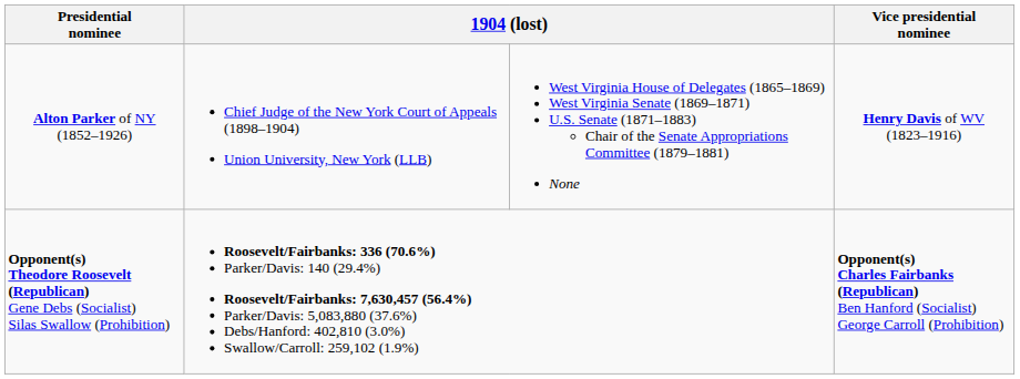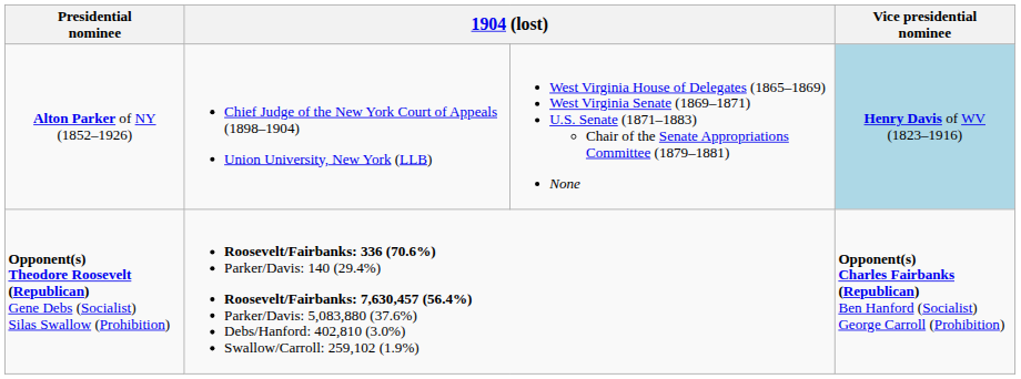 <table class="wikitable">
 <tr>
 <th width=190>Presidential<br>nominee</th>
 <th colspan=2><big><a href='#'>1904</a> (lost)</big></th>
 <th width=190>Vice presidential<br>nominee</th>
 </tr>
 <tr>
 <td style="text-align:center;"><strong><a href='#'>Alton Parker</a></strong> of <a href='#'>NY</a><br>(1852–1926)<br></td>
 <td width=350><br><ul><li><a href='#'>Chief Judge of the New York Court of Appeals</a> (1898–1904)</li></ul><ul><li><a href='#'>Union University, New York</a> (<a href='#'>LLB</a>)</li></ul></td>
 <td width=350><br><ul><li><a href='#'>West Virginia House of Delegates</a> (1865–1869)</li><li><a href='#'>West Virginia Senate</a> (1869–1871)</li><li><a href='#'>U.S. Senate</a> (1871–1883)<ul><li>Chair of the <a href='#'>Senate Appropriations Committee</a> (1879–1881)</li></ul></li></ul><ul><li><em>None</em></li></ul></td>
-<td style="text-align:center;"><strong><a href='#'>Henry Davis</a></strong> of <a href='#'>WV</a><br>(1823–1916)<br></td>
+<td style="background: lightblue; text-align:center;"><strong><a href='#'>Henry Davis</a></strong> of <a href='#'>WV</a><br>(1823–1916)<br></td>
 </tr>
 <tr>
 <td><strong>Opponent(s)</strong><br><strong><a href='#'>Theodore Roosevelt</a> (<a href='#'>Republican</a>)</strong><br><a href='#'>Gene Debs</a> (<a href='#'>Socialist</a>)<br><a href='#'>Silas Swallow</a> (<a href='#'>Prohibition</a>)</td>
 <td colspan=2><br><ul><li><strong>Roosevelt/Fairbanks: 336 (70.6%)</strong></li><li>Parker/Davis: 140 (29.4%)</li></ul><ul><li><strong>Roosevelt/Fairbanks: 7,630,457 (56.4%)</strong></li><li>Parker/Davis: 5,083,880 (37.6%)</li><li>Debs/Hanford: 402,810 (3.0%)</li><li>Swallow/Carroll: 259,102 (1.9%)</li></ul></td>
 <td><strong>Opponent(s)</strong><br><strong><a href='#'>Charles Fairbanks</a> (<a href='#'>Republican</a>)</strong><br><a href='#'>Ben Hanford</a> (<a href='#'>Socialist</a>)<br><a href='#'>George Carroll</a> (<a href='#'>Prohibition</a>)</td>
 </tr>
 </table>
